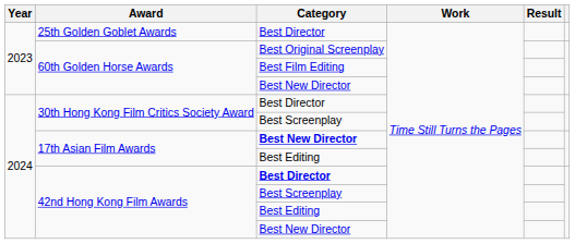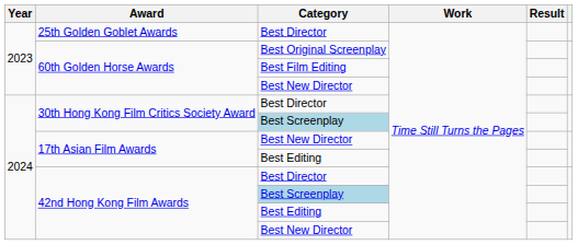 <table class="wikitable plainrowheaders">
 <tr>
 <th>Year</th>
 <th>Award</th>
 <th>Category</th>
 <th>Work</th>
 <th>Result</th>
 <th></th>
 </tr>
 <tr>
 <td rowspan="4">2023</td>
 <td><a href='#'>25th Golden Goblet Awards</a></td>
 <td><a href='#'>Best Director</a></td>
 <td rowspan="12"><em><a href='#'>Time Still Turns the Pages</a></em></td>
 <td></td>
 <td></td>
 </tr>
 <tr>
 <td rowspan="3"><a href='#'>60th Golden Horse Awards</a></td>
 <td><a href='#'>Best Original Screenplay</a></td>
 <td></td>
 <td rowspan="3"></td>
 </tr>
 <tr>
 <td><a href='#'>Best Film Editing</a></td>
 <td></td>
 </tr>
 <tr>
 <td><a href='#'>Best New Director</a></td>
 <td></td>
 </tr>
 <tr>
 <td rowspan="8">2024</td>
 <td rowspan="2"><a href='#'>30th Hong Kong Film Critics Society Award</a></td>
 <td>Best Director</td>
 <td></td>
 <td rowspan="2"></td>
 </tr>
 <tr>
-<td>Best Screenplay</td>
+<td style="background: lightblue;">Best Screenplay</td>
 <td></td>
 </tr>
 <tr>
 <td rowspan="2"><a href='#'>17th Asian Film Awards</a></td>
-<td><strong><a href='#'>Best New Director</a></strong></td>
+<td><a href='#'>Best New Director</a></td>
 <td></td>
 <td rowspan="2"></td>
 </tr>
 <tr>
 <td>Best Editing</td>
 <td></td>
 </tr>
 <tr>
 <td rowspan="4"><a href='#'>42nd Hong Kong Film Awards</a></td>
-<td><strong><a href='#'>Best Director</a></strong></td>
+<td><a href='#'>Best Director</a></td>
 <td></td>
 <td rowspan="4"></td>
 </tr>
 <tr>
-<td><a href='#'>Best Screenplay</a></td>
+<td style="background: lightblue;"><a href='#'>Best Screenplay</a></td>
 <td></td>
 </tr>
 <tr>
 <td><a href='#'>Best Editing</a></td>
 <td></td>
 </tr>
 <tr>
 <td><a href='#'>Best New Director</a></td>
 <td></td>
 </tr>
 </table>
